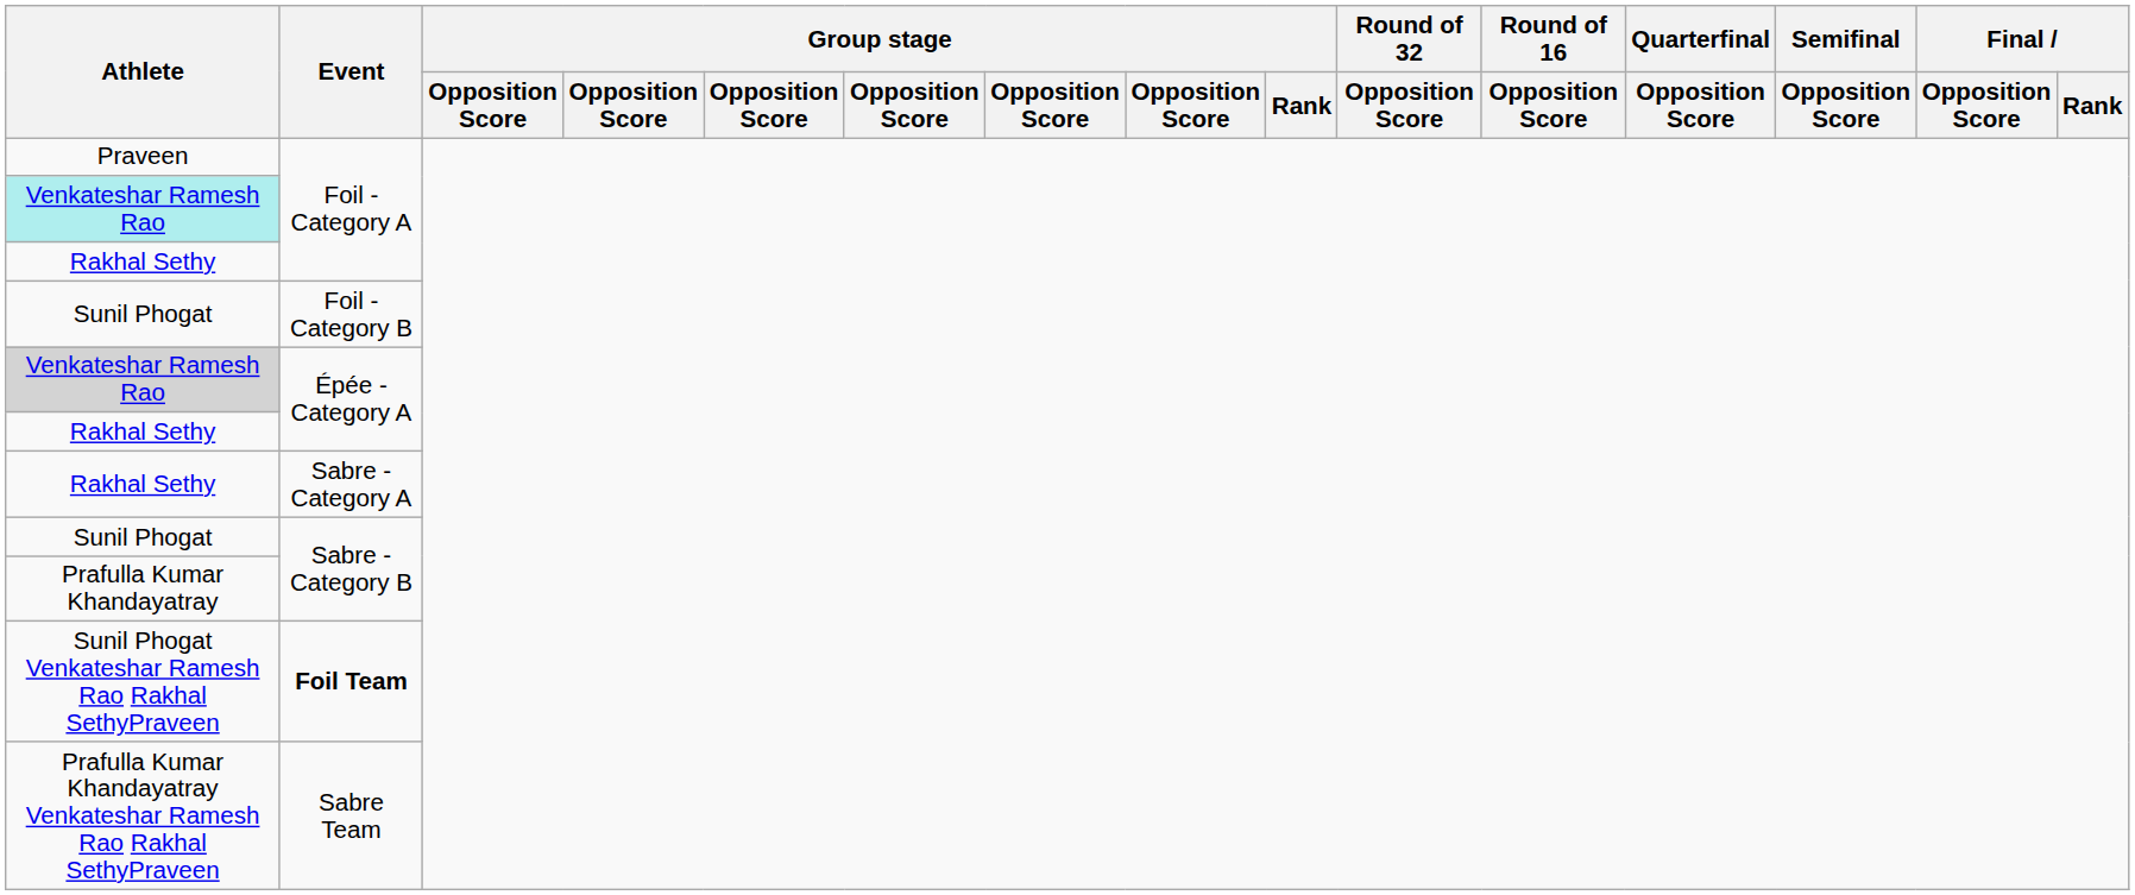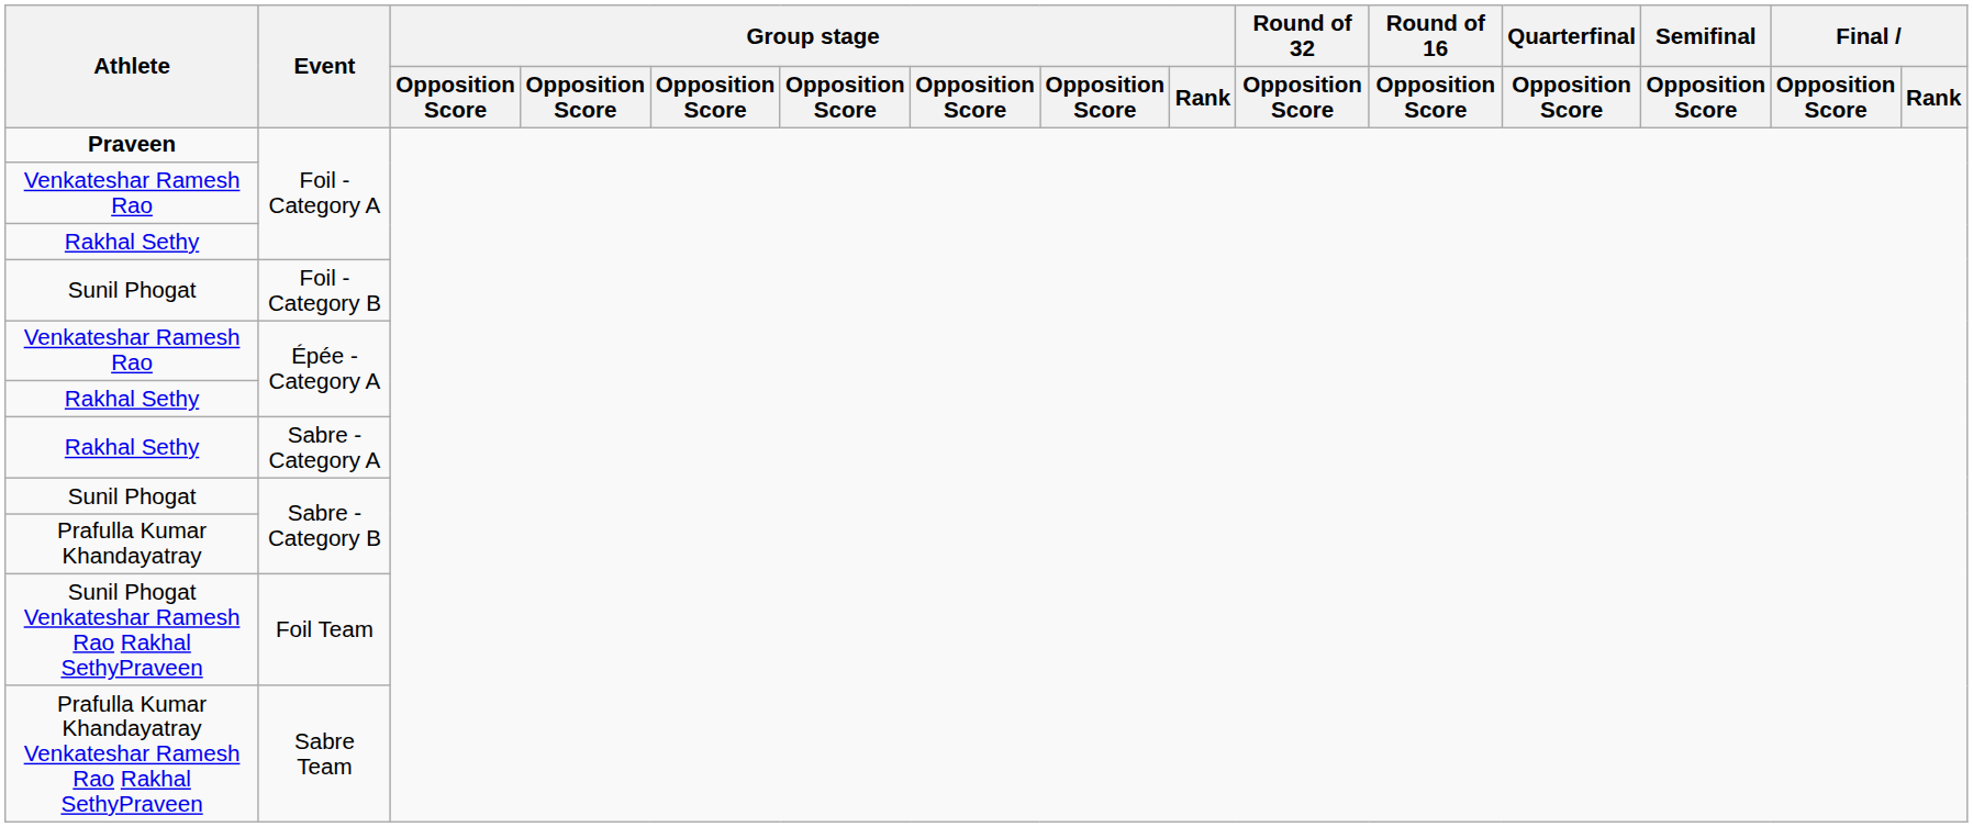 <table class="wikitable" style="text-align:center; font-size:90%">
 <tr>
 <th rowspan="2">Athlete</th>
 <th rowspan="2">Event</th>
 <th colspan="7">Group stage</th>
 <th>Round of 32</th>
 <th>Round of 16</th>
 <th>Quarterfinal</th>
 <th>Semifinal</th>
 <th colspan="2">Final / </th>
 </tr>
 <tr>
 <th>Opposition<br>Score</th>
 <th>Opposition<br>Score</th>
 <th>Opposition<br>Score</th>
 <th>Opposition<br>Score</th>
 <th>Opposition<br>Score</th>
 <th>Opposition<br>Score</th>
 <th>Rank</th>
 <th>Opposition<br>Score</th>
 <th>Opposition<br>Score</th>
 <th>Opposition<br>Score</th>
 <th>Opposition<br>Score</th>
 <th>Opposition<br>Score</th>
 <th>Rank</th>
 </tr>
 <tr>
-<td>Praveen</td>
+<td><strong>Praveen</strong></td>
 <td rowspan="3">Foil - Category A</td>
 </tr>
 <tr>
-<td style="background: paleturquoise;"><a href='#'>Venkateshar Ramesh Rao</a></td>
+<td><a href='#'>Venkateshar Ramesh Rao</a></td>
 </tr>
 <tr>
 <td><a href='#'>Rakhal Sethy</a></td>
 </tr>
 <tr>
 <td>Sunil Phogat</td>
 <td>Foil - Category B</td>
 </tr>
 <tr>
-<td style="background: lightgrey;"><a href='#'>Venkateshar Ramesh Rao</a></td>
+<td><a href='#'>Venkateshar Ramesh Rao</a></td>
 <td rowspan="2">Épée - Category A</td>
 </tr>
 <tr>
 <td><a href='#'>Rakhal Sethy</a></td>
 </tr>
 <tr>
 <td><a href='#'>Rakhal Sethy</a></td>
 <td>Sabre - Category A</td>
 </tr>
 <tr>
 <td>Sunil Phogat</td>
 <td rowspan="2">Sabre - Category B</td>
 </tr>
 <tr>
 <td>Prafulla Kumar Khandayatray</td>
 </tr>
 <tr>
 <td>Sunil Phogat<br><a href='#'>Venkateshar Ramesh Rao</a> <a href='#'>Rakhal SethyPraveen</a></td>
-<td><strong>Foil Team</strong></td>
+<td>Foil Team</td>
 </tr>
 <tr>
 <td>Prafulla Kumar Khandayatray<br><a href='#'>Venkateshar Ramesh Rao</a> <a href='#'>Rakhal SethyPraveen</a></td>
 <td>Sabre Team</td>
 </tr>
 </table>
